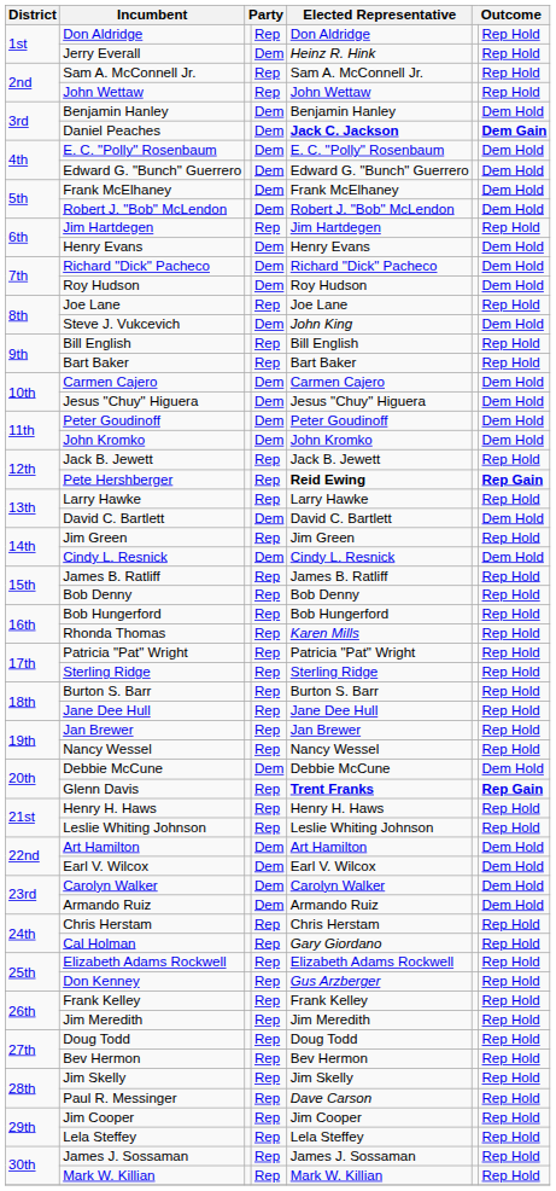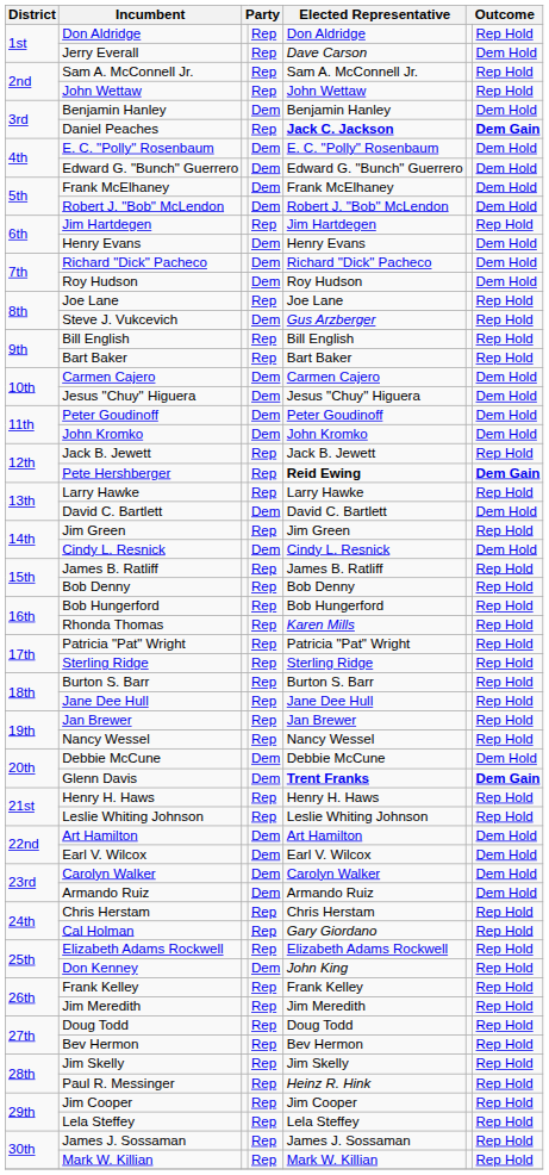 <table class="sortable wikitable" style="font-size:95%;line-height:14px;">
 <tr>
 <th>District</th>
 <th>Incumbent</th>
 <th colspan="2">Party</th>
 <th>Elected Representative</th>
 <th colspan="2">Outcome</th>
 </tr>
 <tr>
 <td rowspan="2"><a href='#'>1st</a></td>
 <td><a href='#'>Don Aldridge</a></td>
 <td style="background:"></td>
 <td><a href='#'>Rep</a></td>
 <td><a href='#'>Don Aldridge</a></td>
 <td style="background:"></td>
 <td><a href='#'>Rep Hold</a></td>
 </tr>
 <tr>
 <td>Jerry Everall</td>
 <td style="background:"></td>
-<td><a href='#'>Dem</a></td>
-<td><em>Heinz R. Hink</em></td>
+<td><a href='#'>Rep</a></td>
+<td><em>Dave Carson</em></td>
 <td style="background:"></td>
-<td><a href='#'>Rep Hold</a></td>
+<td><a href='#'>Dem Hold</a></td>
 </tr>
 <tr>
 <td rowspan="2"><a href='#'>2nd</a></td>
 <td>Sam A. McConnell Jr.</td>
 <td style="background:"></td>
 <td><a href='#'>Rep</a></td>
 <td>Sam A. McConnell Jr.</td>
 <td style="background:"></td>
 <td><a href='#'>Rep Hold</a></td>
 </tr>
 <tr>
 <td><a href='#'>John Wettaw</a></td>
 <td style="background:"></td>
 <td><a href='#'>Rep</a></td>
 <td><a href='#'>John Wettaw</a></td>
 <td style="background:"></td>
 <td><a href='#'>Rep Hold</a></td>
 </tr>
 <tr>
 <td rowspan="2"><a href='#'>3rd</a></td>
 <td>Benjamin Hanley</td>
 <td style="background:"></td>
 <td><a href='#'>Dem</a></td>
 <td>Benjamin Hanley</td>
 <td style="background:"></td>
 <td><a href='#'>Dem Hold</a></td>
 </tr>
 <tr>
 <td>Daniel Peaches</td>
 <td style="background:"></td>
-<td><a href='#'>Dem</a></td>
+<td><a href='#'>Rep</a></td>
 <td><strong><a href='#'>Jack C. Jackson</a></strong></td>
 <td style="background:"></td>
 <td><strong><a href='#'>Dem Gain</a></strong></td>
 </tr>
 <tr>
 <td rowspan="2"><a href='#'>4th</a></td>
 <td><a href='#'>E. C. "Polly" Rosenbaum</a></td>
 <td style="background:"></td>
 <td><a href='#'>Dem</a></td>
 <td><a href='#'>E. C. "Polly" Rosenbaum</a></td>
 <td style="background:"></td>
 <td><a href='#'>Dem Hold</a></td>
 </tr>
 <tr>
 <td>Edward G. "Bunch" Guerrero</td>
 <td style="background:"></td>
 <td><a href='#'>Dem</a></td>
 <td>Edward G. "Bunch" Guerrero</td>
 <td style="background:"></td>
 <td><a href='#'>Dem Hold</a></td>
 </tr>
 <tr>
 <td rowspan="2"><a href='#'>5th</a></td>
 <td>Frank McElhaney</td>
 <td style="background:"></td>
 <td><a href='#'>Dem</a></td>
 <td>Frank McElhaney</td>
 <td style="background:"></td>
 <td><a href='#'>Dem Hold</a></td>
 </tr>
 <tr>
 <td><a href='#'>Robert J. "Bob" McLendon</a></td>
 <td style="background:"></td>
 <td><a href='#'>Dem</a></td>
 <td><a href='#'>Robert J. "Bob" McLendon</a></td>
 <td style="background:"></td>
 <td><a href='#'>Dem Hold</a></td>
 </tr>
 <tr>
 <td rowspan="2"><a href='#'>6th</a></td>
 <td><a href='#'>Jim Hartdegen</a></td>
 <td style="background:"></td>
 <td><a href='#'>Rep</a></td>
 <td><a href='#'>Jim Hartdegen</a></td>
 <td style="background:"></td>
 <td><a href='#'>Rep Hold</a></td>
 </tr>
 <tr>
 <td>Henry Evans</td>
 <td style="background:"></td>
 <td><a href='#'>Dem</a></td>
 <td>Henry Evans</td>
 <td style="background:"></td>
 <td><a href='#'>Dem Hold</a></td>
 </tr>
 <tr>
 <td rowspan="2"><a href='#'>7th</a></td>
 <td><a href='#'>Richard "Dick" Pacheco</a></td>
 <td style="background:"></td>
 <td><a href='#'>Dem</a></td>
 <td><a href='#'>Richard "Dick" Pacheco</a></td>
 <td style="background:"></td>
 <td><a href='#'>Dem Hold</a></td>
 </tr>
 <tr>
 <td>Roy Hudson</td>
 <td style="background:"></td>
 <td><a href='#'>Dem</a></td>
 <td>Roy Hudson</td>
 <td style="background:"></td>
 <td><a href='#'>Dem Hold</a></td>
 </tr>
 <tr>
 <td rowspan="2"><a href='#'>8th</a></td>
 <td>Joe Lane</td>
 <td style="background:"></td>
 <td><a href='#'>Rep</a></td>
 <td>Joe Lane</td>
 <td style="background:"></td>
 <td><a href='#'>Rep Hold</a></td>
 </tr>
 <tr>
 <td>Steve J. Vukcevich</td>
 <td style="background:"></td>
 <td><a href='#'>Dem</a></td>
-<td><em>John King</em></td>
+<td><em><a href='#'>Gus Arzberger</a></em></td>
 <td style="background:"></td>
-<td><a href='#'>Dem Hold</a></td>
+<td><a href='#'>Rep Hold</a></td>
 </tr>
 <tr>
 <td rowspan="2"><a href='#'>9th</a></td>
 <td>Bill English</td>
 <td style="background:"></td>
 <td><a href='#'>Rep</a></td>
 <td>Bill English</td>
 <td style="background:"></td>
 <td><a href='#'>Rep Hold</a></td>
 </tr>
 <tr>
 <td>Bart Baker</td>
 <td style="background:"></td>
 <td><a href='#'>Rep</a></td>
 <td>Bart Baker</td>
 <td style="background:"></td>
 <td><a href='#'>Rep Hold</a></td>
 </tr>
 <tr>
 <td rowspan="2"><a href='#'>10th</a></td>
 <td><a href='#'>Carmen Cajero</a></td>
 <td style="background:"></td>
 <td><a href='#'>Dem</a></td>
 <td><a href='#'>Carmen Cajero</a></td>
 <td style="background:"></td>
 <td><a href='#'>Dem Hold</a></td>
 </tr>
 <tr>
 <td>Jesus "Chuy" Higuera</td>
 <td style="background:"></td>
 <td><a href='#'>Dem</a></td>
 <td>Jesus "Chuy" Higuera</td>
 <td style="background:"></td>
 <td><a href='#'>Dem Hold</a></td>
 </tr>
 <tr>
 <td rowspan="2"><a href='#'>11th</a></td>
 <td><a href='#'>Peter Goudinoff</a></td>
 <td style="background:"></td>
 <td><a href='#'>Dem</a></td>
 <td><a href='#'>Peter Goudinoff</a></td>
 <td style="background:"></td>
 <td><a href='#'>Dem Hold</a></td>
 </tr>
 <tr>
 <td><a href='#'>John Kromko</a></td>
 <td style="background:"></td>
 <td><a href='#'>Dem</a></td>
 <td><a href='#'>John Kromko</a></td>
 <td style="background:"></td>
 <td><a href='#'>Dem Hold</a></td>
 </tr>
 <tr>
 <td rowspan="2"><a href='#'>12th</a></td>
 <td>Jack B. Jewett</td>
 <td style="background:"></td>
 <td><a href='#'>Rep</a></td>
 <td>Jack B. Jewett</td>
 <td style="background:"></td>
 <td><a href='#'>Rep Hold</a></td>
 </tr>
 <tr>
 <td><a href='#'>Pete Hershberger</a></td>
 <td style="background:"></td>
 <td><a href='#'>Rep</a></td>
 <td><strong>Reid Ewing</strong></td>
 <td style="background:"></td>
-<td><strong><a href='#'>Rep Gain</a></strong></td>
+<td><strong><a href='#'>Dem Gain</a></strong></td>
 </tr>
 <tr>
 <td rowspan="2"><a href='#'>13th</a></td>
 <td>Larry Hawke</td>
 <td style="background:"></td>
 <td><a href='#'>Rep</a></td>
 <td>Larry Hawke</td>
 <td style="background:"></td>
 <td><a href='#'>Rep Hold</a></td>
 </tr>
 <tr>
 <td>David C. Bartlett</td>
 <td style="background:"></td>
 <td><a href='#'>Dem</a></td>
 <td>David C. Bartlett</td>
 <td style="background:"></td>
 <td><a href='#'>Dem Hold</a></td>
 </tr>
 <tr>
 <td rowspan="2"><a href='#'>14th</a></td>
 <td>Jim Green</td>
 <td style="background:"></td>
 <td><a href='#'>Rep</a></td>
 <td>Jim Green</td>
 <td style="background:"></td>
 <td><a href='#'>Rep Hold</a></td>
 </tr>
 <tr>
 <td><a href='#'>Cindy L. Resnick</a></td>
 <td style="background:"></td>
 <td><a href='#'>Dem</a></td>
 <td><a href='#'>Cindy L. Resnick</a></td>
 <td style="background:"></td>
 <td><a href='#'>Dem Hold</a></td>
 </tr>
 <tr>
 <td rowspan="2"><a href='#'>15th</a></td>
 <td>James B. Ratliff</td>
 <td style="background:"></td>
 <td><a href='#'>Rep</a></td>
 <td>James B. Ratliff</td>
 <td style="background:"></td>
 <td><a href='#'>Rep Hold</a></td>
 </tr>
 <tr>
 <td>Bob Denny</td>
 <td style="background:"></td>
 <td><a href='#'>Rep</a></td>
 <td>Bob Denny</td>
 <td style="background:"></td>
 <td><a href='#'>Rep Hold</a></td>
 </tr>
 <tr>
 <td rowspan="2"><a href='#'>16th</a></td>
 <td>Bob Hungerford</td>
 <td style="background:"></td>
 <td><a href='#'>Rep</a></td>
 <td>Bob Hungerford</td>
 <td style="background:"></td>
 <td><a href='#'>Rep Hold</a></td>
 </tr>
 <tr>
 <td>Rhonda Thomas</td>
 <td style="background:"></td>
 <td><a href='#'>Rep</a></td>
 <td><em><a href='#'>Karen Mills</a></em></td>
 <td style="background:"></td>
 <td><a href='#'>Rep Hold</a></td>
 </tr>
 <tr>
 <td rowspan="2"><a href='#'>17th</a></td>
 <td>Patricia "Pat" Wright</td>
 <td style="background:"></td>
 <td><a href='#'>Rep</a></td>
 <td>Patricia "Pat" Wright</td>
 <td style="background:"></td>
 <td><a href='#'>Rep Hold</a></td>
 </tr>
 <tr>
 <td><a href='#'>Sterling Ridge</a></td>
 <td style="background:"></td>
 <td><a href='#'>Rep</a></td>
 <td><a href='#'>Sterling Ridge</a></td>
 <td style="background:"></td>
 <td><a href='#'>Rep Hold</a></td>
 </tr>
 <tr>
 <td rowspan="2"><a href='#'>18th</a></td>
 <td>Burton S. Barr</td>
 <td style="background:"></td>
 <td><a href='#'>Rep</a></td>
 <td>Burton S. Barr</td>
 <td style="background:"></td>
 <td><a href='#'>Rep Hold</a></td>
 </tr>
 <tr>
 <td><a href='#'>Jane Dee Hull</a></td>
 <td style="background:"></td>
 <td><a href='#'>Rep</a></td>
 <td><a href='#'>Jane Dee Hull</a></td>
 <td style="background:"></td>
 <td><a href='#'>Rep Hold</a></td>
 </tr>
 <tr>
 <td rowspan="2"><a href='#'>19th</a></td>
 <td><a href='#'>Jan Brewer</a></td>
 <td style="background:"></td>
 <td><a href='#'>Rep</a></td>
 <td><a href='#'>Jan Brewer</a></td>
 <td style="background:"></td>
 <td><a href='#'>Rep Hold</a></td>
 </tr>
 <tr>
 <td>Nancy Wessel</td>
 <td style="background:"></td>
 <td><a href='#'>Rep</a></td>
 <td>Nancy Wessel</td>
 <td style="background:"></td>
 <td><a href='#'>Rep Hold</a></td>
 </tr>
 <tr>
 <td rowspan="2"><a href='#'>20th</a></td>
 <td>Debbie McCune</td>
 <td style="background:"></td>
 <td><a href='#'>Dem</a></td>
 <td>Debbie McCune</td>
 <td style="background:"></td>
 <td><a href='#'>Dem Hold</a></td>
 </tr>
 <tr>
 <td>Glenn Davis</td>
 <td style="background:"></td>
-<td><a href='#'>Rep</a></td>
+<td><a href='#'>Dem</a></td>
 <td><strong><a href='#'>Trent Franks</a></strong></td>
 <td style="background:"></td>
-<td><strong><a href='#'>Rep Gain</a></strong></td>
+<td><strong><a href='#'>Dem Gain</a></strong></td>
 </tr>
 <tr>
 <td rowspan="2"><a href='#'>21st</a></td>
 <td>Henry H. Haws</td>
 <td style="background:"></td>
 <td><a href='#'>Rep</a></td>
 <td>Henry H. Haws</td>
 <td style="background:"></td>
 <td><a href='#'>Rep Hold</a></td>
 </tr>
 <tr>
 <td>Leslie Whiting Johnson</td>
 <td style="background:"></td>
 <td><a href='#'>Rep</a></td>
 <td>Leslie Whiting Johnson</td>
 <td style="background:"></td>
 <td><a href='#'>Rep Hold</a></td>
 </tr>
 <tr>
 <td rowspan="2"><a href='#'>22nd</a></td>
 <td><a href='#'>Art Hamilton</a></td>
 <td style="background:"></td>
 <td><a href='#'>Dem</a></td>
 <td><a href='#'>Art Hamilton</a></td>
 <td style="background:"></td>
 <td><a href='#'>Dem Hold</a></td>
 </tr>
 <tr>
 <td>Earl V. Wilcox</td>
 <td style="background:"></td>
 <td><a href='#'>Dem</a></td>
 <td>Earl V. Wilcox</td>
 <td style="background:"></td>
 <td><a href='#'>Dem Hold</a></td>
 </tr>
 <tr>
 <td rowspan="2"><a href='#'>23rd</a></td>
 <td><a href='#'>Carolyn Walker</a></td>
 <td style="background:"></td>
 <td><a href='#'>Dem</a></td>
 <td><a href='#'>Carolyn Walker</a></td>
 <td style="background:"></td>
 <td><a href='#'>Dem Hold</a></td>
 </tr>
 <tr>
 <td>Armando Ruiz</td>
 <td style="background:"></td>
 <td><a href='#'>Dem</a></td>
 <td>Armando Ruiz</td>
 <td style="background:"></td>
 <td><a href='#'>Dem Hold</a></td>
 </tr>
 <tr>
 <td rowspan="2"><a href='#'>24th</a></td>
 <td>Chris Herstam</td>
 <td style="background:"></td>
 <td><a href='#'>Rep</a></td>
 <td>Chris Herstam</td>
 <td style="background:"></td>
 <td><a href='#'>Rep Hold</a></td>
 </tr>
 <tr>
 <td><a href='#'>Cal Holman</a></td>
 <td style="background:"></td>
 <td><a href='#'>Rep</a></td>
 <td><em>Gary Giordano</em></td>
 <td style="background:"></td>
 <td><a href='#'>Rep Hold</a></td>
 </tr>
 <tr>
 <td rowspan="2"><a href='#'>25th</a></td>
 <td><a href='#'>Elizabeth Adams Rockwell</a></td>
 <td style="background:"></td>
 <td><a href='#'>Rep</a></td>
 <td><a href='#'>Elizabeth Adams Rockwell</a></td>
 <td style="background:"></td>
 <td><a href='#'>Rep Hold</a></td>
 </tr>
 <tr>
 <td><a href='#'>Don Kenney</a></td>
 <td style="background:"></td>
-<td><a href='#'>Rep</a></td>
-<td><em><a href='#'>Gus Arzberger</a></em></td>
+<td><a href='#'>Dem</a></td>
+<td><em>John King</em></td>
 <td style="background:"></td>
 <td><a href='#'>Rep Hold</a></td>
 </tr>
 <tr>
 <td rowspan="2"><a href='#'>26th</a></td>
 <td>Frank Kelley</td>
 <td style="background:"></td>
 <td><a href='#'>Rep</a></td>
 <td>Frank Kelley</td>
 <td style="background:"></td>
 <td><a href='#'>Rep Hold</a></td>
 </tr>
 <tr>
 <td>Jim Meredith</td>
 <td style="background:"></td>
 <td><a href='#'>Rep</a></td>
 <td>Jim Meredith</td>
 <td style="background:"></td>
 <td><a href='#'>Rep Hold</a></td>
 </tr>
 <tr>
 <td rowspan="2"><a href='#'>27th</a></td>
 <td>Doug Todd</td>
 <td style="background:"></td>
 <td><a href='#'>Rep</a></td>
 <td>Doug Todd</td>
 <td style="background:"></td>
 <td><a href='#'>Rep Hold</a></td>
 </tr>
 <tr>
 <td>Bev Hermon</td>
 <td style="background:"></td>
 <td><a href='#'>Rep</a></td>
 <td>Bev Hermon</td>
 <td style="background:"></td>
 <td><a href='#'>Rep Hold</a></td>
 </tr>
 <tr>
 <td rowspan="2"><a href='#'>28th</a></td>
 <td>Jim Skelly</td>
 <td style="background:"></td>
 <td><a href='#'>Rep</a></td>
 <td>Jim Skelly</td>
 <td style="background:"></td>
 <td><a href='#'>Rep Hold</a></td>
 </tr>
 <tr>
 <td>Paul R. Messinger</td>
 <td style="background:"></td>
 <td><a href='#'>Rep</a></td>
-<td><em>Dave Carson</em></td>
+<td><em>Heinz R. Hink</em></td>
 <td style="background:"></td>
 <td><a href='#'>Rep Hold</a></td>
 </tr>
 <tr>
 <td rowspan="2"><a href='#'>29th</a></td>
 <td>Jim Cooper</td>
 <td style="background:"></td>
 <td><a href='#'>Rep</a></td>
 <td>Jim Cooper</td>
 <td style="background:"></td>
 <td><a href='#'>Rep Hold</a></td>
 </tr>
 <tr>
 <td>Lela Steffey</td>
 <td style="background:"></td>
 <td><a href='#'>Rep</a></td>
 <td>Lela Steffey</td>
 <td style="background:"></td>
 <td><a href='#'>Rep Hold</a></td>
 </tr>
 <tr>
 <td rowspan="2"><a href='#'>30th</a></td>
 <td>James J. Sossaman</td>
 <td style="background:"></td>
 <td><a href='#'>Rep</a></td>
 <td>James J. Sossaman</td>
 <td style="background:"></td>
 <td><a href='#'>Rep Hold</a></td>
 </tr>
 <tr>
 <td><a href='#'>Mark W. Killian</a></td>
 <td style="background:"></td>
 <td><a href='#'>Rep</a></td>
 <td><a href='#'>Mark W. Killian</a></td>
 <td style="background:"></td>
 <td><a href='#'>Rep Hold</a></td>
 </tr>
 <tr>
 </tr>
 </table>
